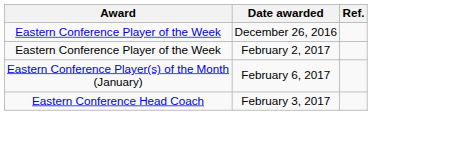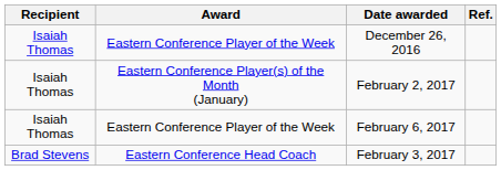 <table class="wikitable sortable sortable" style="text-align: center">
 <tr>
+<th>Recipient</th>
 <th>Award</th>
 <th>Date awarded</th>
 <th>Ref.</th>
 </tr>
 <tr>
+<td><a href='#'>Isaiah Thomas</a></td>
 <td><a href='#'>Eastern Conference Player of the Week</a></td>
 <td>December 26, 2016</td>
 <td></td>
 </tr>
 <tr>
-<td>Eastern Conference Player of the Week</td>
+<td>Isaiah Thomas</td>
+<td><a href='#'>Eastern Conference Player(s) of the Month</a><br>(January)<br></td>
 <td>February 2, 2017</td>
 <td></td>
 </tr>
 <tr>
-<td><a href='#'>Eastern Conference Player(s) of the Month</a><br>(January)<br></td>
+<td>Isaiah Thomas</td>
+<td>Eastern Conference Player of the Week</td>
 <td>February 6, 2017</td>
 <td></td>
 </tr>
 <tr>
+<td><a href='#'>Brad Stevens</a></td>
 <td><a href='#'>Eastern Conference Head Coach</a></td>
 <td>February 3, 2017</td>
 <td></td>
 </tr>
 </table>
